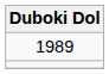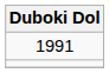 <table class="wikitable" style="margin: 0.5em auto; text-align: center;">
 <tr>
 <th colspan="1">Duboki Dol</th>
 </tr>
 <tr>
-<td>1989</td>
+<td>1991</td>
 </tr>
 <tr>
 <td></td>
 </tr>
 <tr>
 </tr>
 </table>
